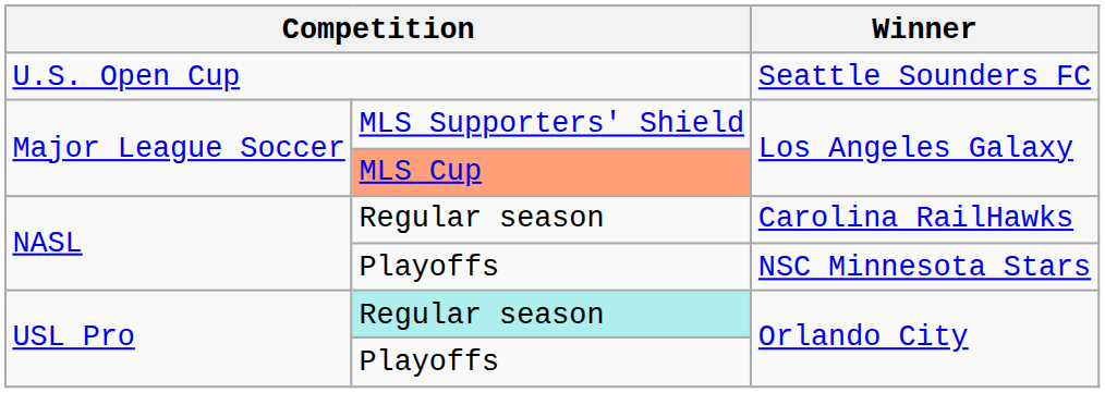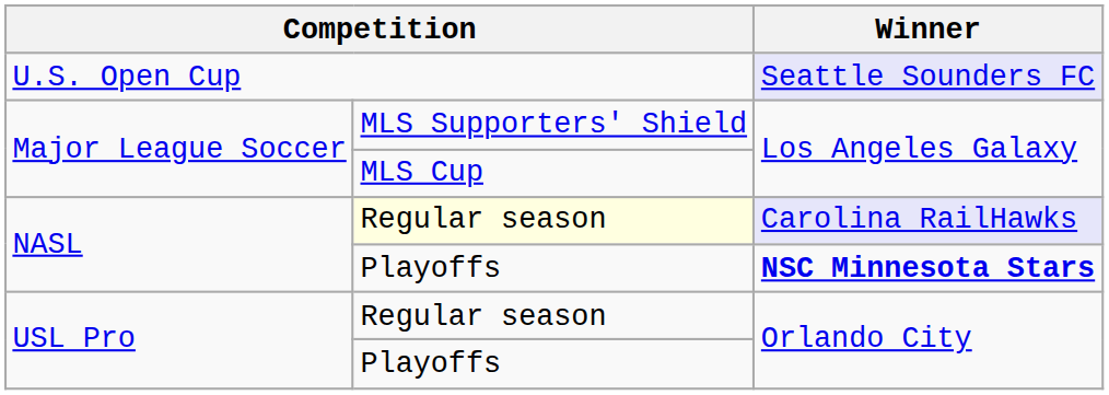 <table class="wikitable">
 <tr>
 <th colspan=2>Competition</th>
 <th>Winner</th>
 </tr>
 <tr>
 <td colspan=2><a href='#'>U.S. Open Cup</a></td>
-<td><a href='#'>Seattle Sounders FC</a></td>
+<td style="background: lavender;"><a href='#'>Seattle Sounders FC</a></td>
 </tr>
 <tr>
 <td rowspan=2><a href='#'>Major League Soccer</a></td>
 <td><a href='#'>MLS Supporters' Shield</a></td>
 <td rowspan=2><a href='#'>Los Angeles Galaxy</a></td>
 </tr>
 <tr>
-<td style="background: lightsalmon;"><a href='#'>MLS Cup</a></td>
+<td><a href='#'>MLS Cup</a></td>
 </tr>
 <tr>
 <td rowspan=2><a href='#'>NASL</a></td>
-<td>Regular season</td>
-<td><a href='#'>Carolina RailHawks</a></td>
+<td style="background: lightyellow;">Regular season</td>
+<td style="background: lavender;"><a href='#'>Carolina RailHawks</a></td>
 </tr>
 <tr>
 <td>Playoffs</td>
-<td><a href='#'>NSC Minnesota Stars</a></td>
+<td><strong><a href='#'>NSC Minnesota Stars</a></strong></td>
 </tr>
 <tr>
 <td rowspan=2><a href='#'>USL Pro</a></td>
-<td style="background: paleturquoise;">Regular season</td>
+<td>Regular season</td>
 <td rowspan=2><a href='#'>Orlando City</a></td>
 </tr>
 <tr>
 <td>Playoffs</td>
 </tr>
 </table>
